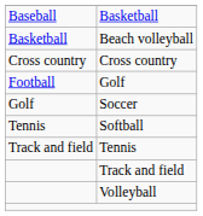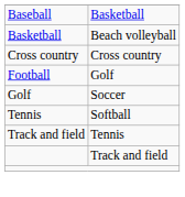 <table class="wikitable" style= " ">
 <tr>
 </tr>
 <tr>
 <td><a href='#'>Baseball</a></td>
 <td><a href='#'>Basketball</a></td>
 </tr>
 <tr>
 <td><a href='#'>Basketball</a></td>
 <td>Beach volleyball</td>
 </tr>
 <tr>
 <td>Cross country</td>
 <td>Cross country</td>
 </tr>
 <tr>
 <td><a href='#'>Football</a></td>
 <td>Golf</td>
 </tr>
 <tr>
 <td>Golf</td>
 <td>Soccer</td>
 </tr>
 <tr>
 <td>Tennis</td>
 <td>Softball</td>
 </tr>
 <tr>
 <td>Track and field</td>
 <td>Tennis</td>
 </tr>
 <tr>
 <td></td>
 <td>Track and field</td>
 </tr>
 <tr>
-<td></td>
-<td>Volleyball</td>
-</tr>
-<tr>
 <td colspan="2"></td>
 </tr>
 </table>
